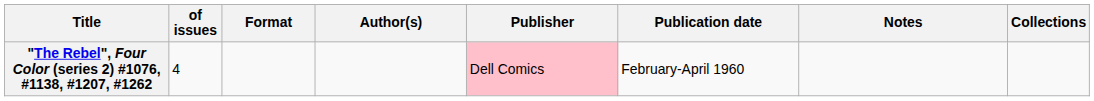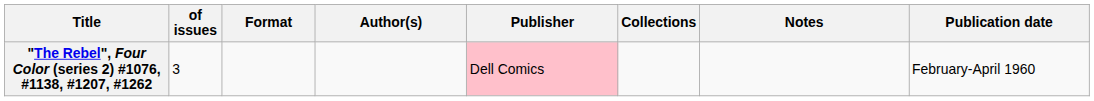 <table class="wikitable">
 <tr>
 <th>Title</th>
 <th style="width:40pt"> of issues</th>
 <th style="width:75pt">Format</th>
 <th style="width:125pt">Author(s)</th>
 <th style="width:125pt">Publisher</th>
+<th>Collections</th>
+<th style="width:175pt">Notes</th>
 <th style="width:150pt">Publication date</th>
-<th style="width:175pt">Notes</th>
-<th>Collections</th>
 </tr>
 <tr>
 <th>"<a href='#'>The Rebel</a>", <em>Four Color</em> (series 2) #1076, #1138, #1207, #1262</th>
-<td>4</td>
+<td>3</td>
 <td></td>
 <td></td>
 <td style="background: pink;">Dell Comics</td>
-<td>February-April 1960</td>
 <td></td>
 <td></td>
+<td>February-April 1960</td>
 </tr>
 </table>
